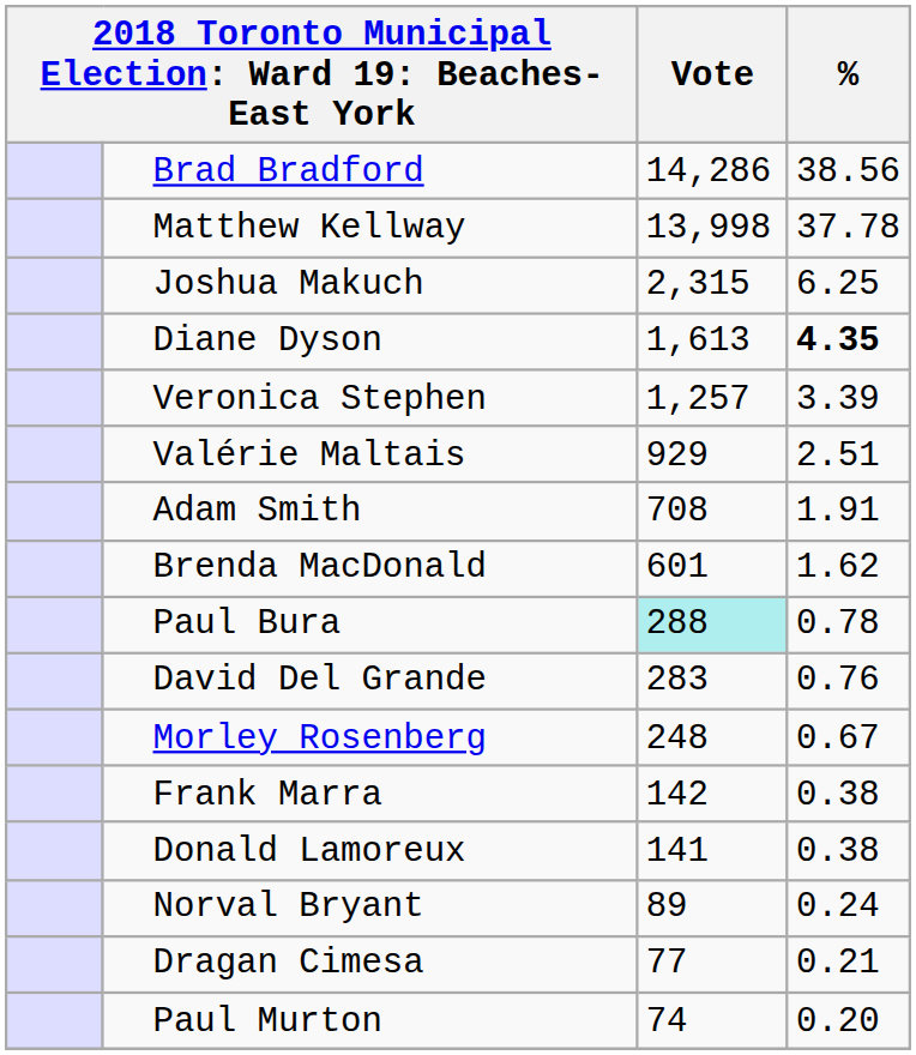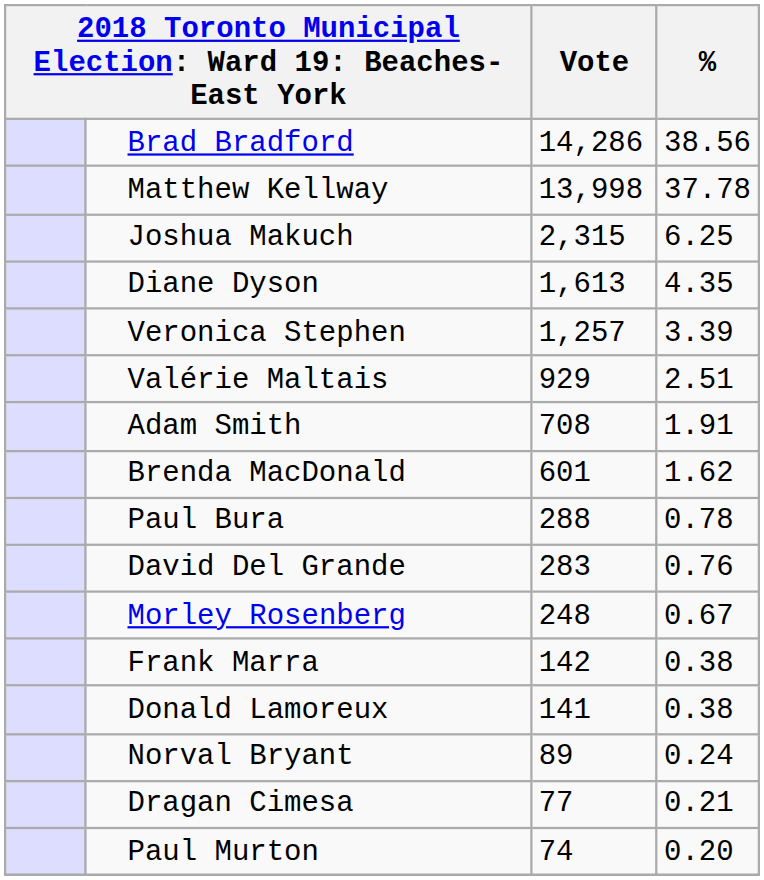 <table class="wikitable">
 <tr>
 <th width="230" bgcolor="#ddddff" colspan="2"><a href='#'>2018 Toronto Municipal Election</a>: Ward 19: Beaches-East York</th>
 <th width="50" bgcolor="#ddddff">Vote</th>
 <th width="30" bgcolor="#ddddff">%</th>
 </tr>
 <tr>
 <td width="30" bgcolor="#ddddff"> </td>
 <td>  <a href='#'>Brad Bradford</a></td>
 <td>14,286</td>
 <td>38.56</td>
 </tr>
 <tr>
 <td width="30" bgcolor="#ddddff"> </td>
 <td>  Matthew Kellway</td>
 <td>13,998</td>
 <td>37.78</td>
 </tr>
 <tr>
 <td width="30" bgcolor="#ddddff"> </td>
 <td>  Joshua Makuch</td>
 <td>2,315</td>
 <td>6.25</td>
 </tr>
 <tr>
 <td width="30" bgcolor="#ddddff"> </td>
 <td>  Diane Dyson</td>
 <td>1,613</td>
-<td><strong>4.35</strong></td>
+<td>4.35</td>
 </tr>
 <tr>
 <td width="30" bgcolor="#ddddff"> </td>
 <td>  Veronica Stephen</td>
 <td>1,257</td>
 <td>3.39</td>
 </tr>
 <tr>
 <td width="30" bgcolor="#ddddff"> </td>
 <td>  Valérie Maltais</td>
 <td>929</td>
 <td>2.51</td>
 </tr>
 <tr>
 <td width="30" bgcolor="#ddddff"> </td>
 <td>  Adam Smith</td>
 <td>708</td>
 <td>1.91</td>
 </tr>
 <tr>
 <td width="30" bgcolor="#ddddff"> </td>
 <td>  Brenda MacDonald</td>
 <td>601</td>
 <td>1.62</td>
 </tr>
 <tr>
 <td width="30" bgcolor="#ddddff"> </td>
 <td>  Paul Bura</td>
-<td style="background: paleturquoise;">288</td>
+<td>288</td>
 <td>0.78</td>
 </tr>
 <tr>
 <td width="30" bgcolor="#ddddff"> </td>
 <td>  David Del Grande</td>
 <td>283</td>
 <td>0.76</td>
 </tr>
 <tr>
 <td width="30" bgcolor="#ddddff"> </td>
 <td>  <a href='#'>Morley Rosenberg</a></td>
 <td>248</td>
 <td>0.67</td>
 </tr>
 <tr>
 <td width="30" bgcolor="#ddddff"> </td>
 <td>  Frank Marra</td>
 <td>142</td>
 <td>0.38</td>
 </tr>
 <tr>
 <td width="30" bgcolor="#ddddff"> </td>
 <td>  Donald Lamoreux</td>
 <td>141</td>
 <td>0.38</td>
 </tr>
 <tr>
 <td width="30" bgcolor="#ddddff"> </td>
 <td>  Norval Bryant</td>
 <td>89</td>
 <td>0.24</td>
 </tr>
 <tr>
 <td width="30" bgcolor="#ddddff"> </td>
 <td>  Dragan Cimesa</td>
 <td>77</td>
 <td>0.21</td>
 </tr>
 <tr>
 <td width="30" bgcolor="#ddddff"> </td>
 <td>  Paul Murton</td>
 <td>74</td>
 <td>0.20</td>
 </tr>
 <tr>
 </tr>
 </table>
